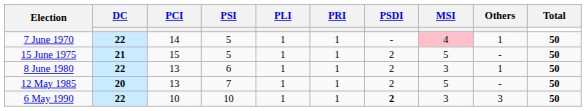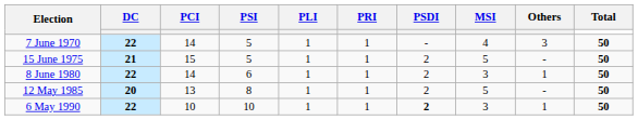 <table class="wikitable" style="text-align:center;font-size:85%;line-height:13px">
 <tr style="height:30px; background-color:#E9E9E9">
 <th style="width:110px;" rowspan="2">Election</th>
 <th style="width:65px;"><a href='#'>DC</a></th>
 <th style="width:65px;"><a href='#'>PCI</a></th>
 <th style="width:65px;"><a href='#'>PSI</a></th>
 <th style="width:65px;"><a href='#'>PLI</a></th>
 <th style="width:65px;"><a href='#'>PRI</a></th>
 <th style="width:65px;"><a href='#'>PSDI</a></th>
 <th style="width:65px;"><a href='#'>MSI</a></th>
 <th style="width:65px;">Others</th>
 <th style="width:65px;">Total</th>
 </tr>
 <tr>
 <th style="color:inherit;background:"></th>
 <th style="color:inherit;background:"></th>
 <th style="color:inherit;background:"></th>
 <th style="color:inherit;background:"></th>
 <th style="color:inherit;background:"></th>
 <th style="color:inherit;background:"></th>
 <th style="color:inherit;background:"></th>
 <th style="color:inherit;background:"></th>
 <th style="color:inherit;background:white;"></th>
 </tr>
 <tr>
 <td><a href='#'>7 June 1970</a></td>
 <td style="background:#C8EBFF"><strong>22</strong></td>
 <td>14</td>
 <td>5</td>
 <td>1</td>
 <td>1</td>
 <td>-</td>
-<td style="background: pink;">4</td>
-<td>1</td>
+<td>4</td>
+<td>3</td>
 <td><strong>50</strong></td>
 </tr>
 <tr>
 <td><a href='#'>15 June 1975</a></td>
 <td style="background:#C8EBFF"><strong>21</strong></td>
 <td>15</td>
 <td>5</td>
 <td>1</td>
 <td>1</td>
 <td>2</td>
 <td>5</td>
 <td>-</td>
 <td><strong>50</strong></td>
 </tr>
 <tr>
 <td><a href='#'>8 June 1980</a></td>
 <td style="background:#C8EBFF"><strong>22</strong></td>
-<td>13</td>
+<td>14</td>
 <td>6</td>
 <td>1</td>
 <td>1</td>
 <td>2</td>
 <td>3</td>
 <td>1</td>
 <td><strong>50</strong></td>
 </tr>
 <tr>
 <td><a href='#'>12 May 1985</a></td>
 <td style="background:#C8EBFF"><strong>20</strong></td>
 <td>13</td>
-<td>7</td>
+<td>8</td>
 <td>1</td>
 <td>1</td>
 <td>2</td>
 <td>5</td>
 <td>-</td>
 <td><strong>50</strong></td>
 </tr>
 <tr>
 <td><a href='#'>6 May 1990</a></td>
 <td style="background:#C8EBFF"><strong>22</strong></td>
 <td>10</td>
 <td>10</td>
 <td>1</td>
 <td>1</td>
 <td><strong>2</strong></td>
 <td>3</td>
-<td>3</td>
+<td>1</td>
 <td><strong>50</strong></td>
 </tr>
 </table>
